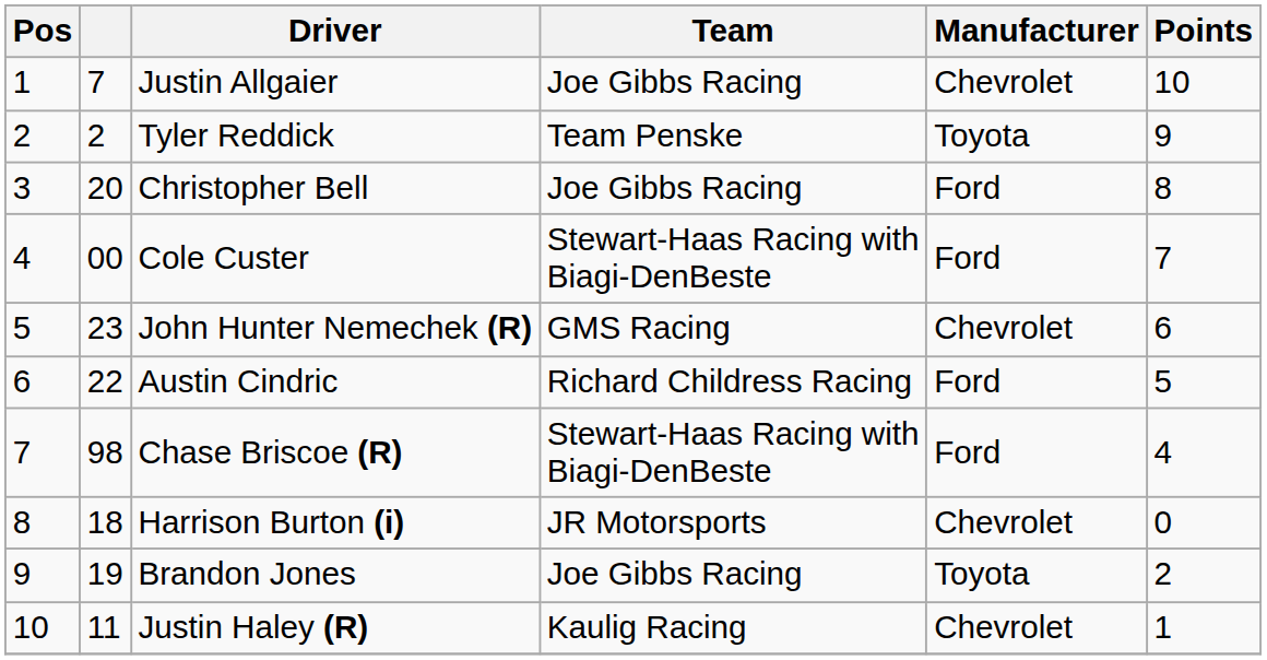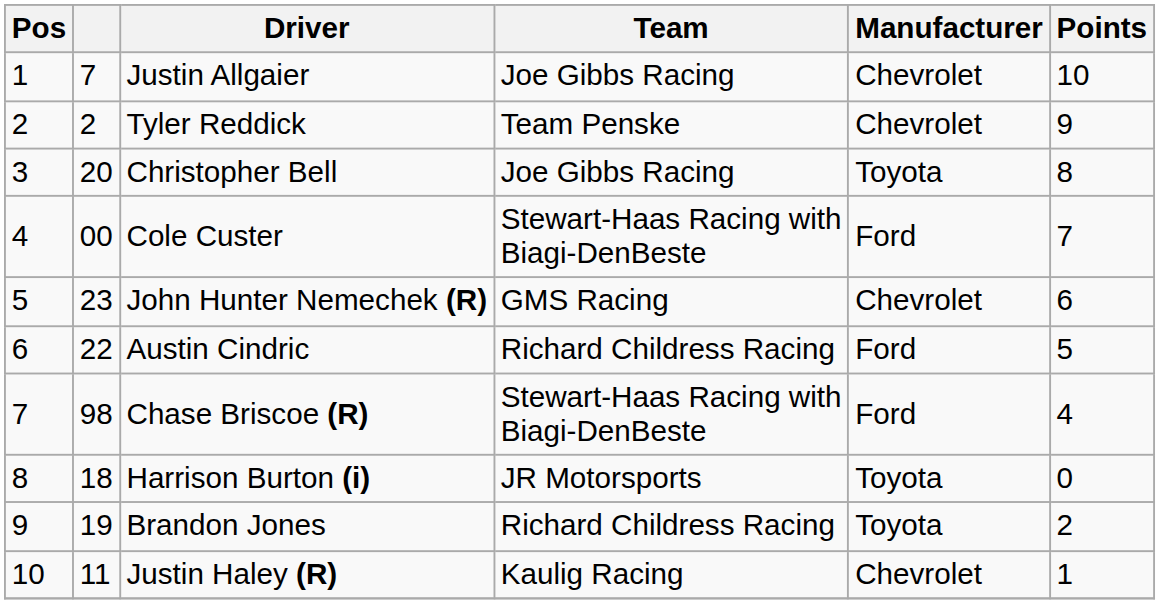 <table class="wikitable" style="font-size:98%">
 <tr>
 <th>Pos</th>
 <th></th>
 <th>Driver</th>
 <th>Team</th>
 <th>Manufacturer</th>
 <th>Points</th>
 </tr>
 <tr>
 <td>1</td>
 <td>7</td>
 <td>Justin Allgaier</td>
 <td>Joe Gibbs Racing</td>
 <td>Chevrolet</td>
 <td>10</td>
 </tr>
 <tr>
 <td>2</td>
 <td>2</td>
 <td>Tyler Reddick</td>
 <td>Team Penske</td>
-<td>Toyota</td>
+<td>Chevrolet</td>
 <td>9</td>
 </tr>
 <tr>
 <td>3</td>
 <td>20</td>
 <td>Christopher Bell</td>
 <td>Joe Gibbs Racing</td>
-<td>Ford</td>
+<td>Toyota</td>
 <td>8</td>
 </tr>
 <tr>
 <td>4</td>
 <td>00</td>
 <td>Cole Custer</td>
 <td>Stewart-Haas Racing with<br>Biagi-DenBeste</td>
 <td>Ford</td>
 <td>7</td>
 </tr>
 <tr>
 <td>5</td>
 <td>23</td>
 <td>John Hunter Nemechek <strong>(R)</strong></td>
 <td>GMS Racing</td>
 <td>Chevrolet</td>
 <td>6</td>
 </tr>
 <tr>
 <td>6</td>
 <td>22</td>
 <td>Austin Cindric</td>
 <td>Richard Childress Racing</td>
 <td>Ford</td>
 <td>5</td>
 </tr>
 <tr>
 <td>7</td>
 <td>98</td>
 <td>Chase Briscoe <strong>(R)</strong></td>
 <td>Stewart-Haas Racing with<br>Biagi-DenBeste</td>
 <td>Ford</td>
 <td>4</td>
 </tr>
 <tr>
 <td>8</td>
 <td>18</td>
 <td>Harrison Burton <strong>(i)</strong></td>
 <td>JR Motorsports</td>
-<td>Chevrolet</td>
+<td>Toyota</td>
 <td>0</td>
 </tr>
 <tr>
 <td>9</td>
 <td>19</td>
 <td>Brandon Jones</td>
-<td>Joe Gibbs Racing</td>
+<td>Richard Childress Racing</td>
 <td>Toyota</td>
 <td>2</td>
 </tr>
 <tr>
 <td>10</td>
 <td>11</td>
 <td>Justin Haley <strong>(R)</strong></td>
 <td>Kaulig Racing</td>
 <td>Chevrolet</td>
 <td>1</td>
 </tr>
 <tr>
 </tr>
 </table>
